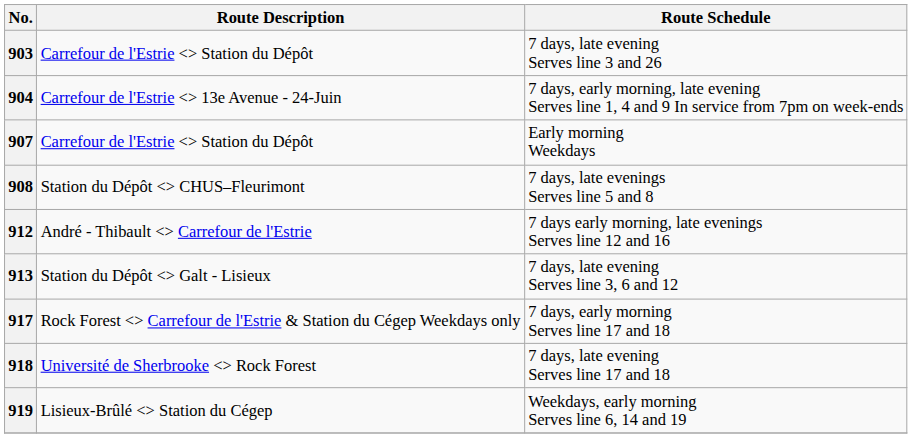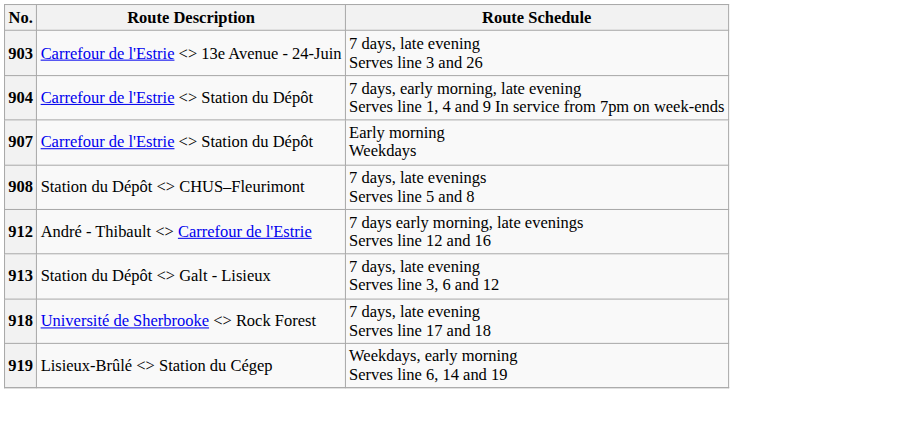 <table class="wikitable">
 <tr>
 <th>No.</th>
 <th>Route Description</th>
 <th>Route Schedule</th>
 </tr>
 <tr>
 <th>903</th>
-<td><a href='#'>Carrefour de l'Estrie</a> <> Station du Dépôt</td>
+<td><a href='#'>Carrefour de l'Estrie</a> <> 13e Avenue - 24-Juin</td>
 <td>7 days, late evening<br>Serves line 3 and 26</td>
 </tr>
 <tr>
 <th>904</th>
-<td><a href='#'>Carrefour de l'Estrie</a> <> 13e Avenue - 24-Juin</td>
+<td><a href='#'>Carrefour de l'Estrie</a> <> Station du Dépôt</td>
 <td>7 days, early morning, late evening<br>Serves line 1, 4 and 9 In service from 7pm on week-ends</td>
 </tr>
 <tr>
 <th>907</th>
 <td><a href='#'>Carrefour de l'Estrie</a> <> Station du Dépôt</td>
 <td>Early morning<br>Weekdays</td>
 </tr>
 <tr>
 <th>908</th>
 <td>Station du Dépôt <> CHUS–Fleurimont</td>
 <td>7 days, late evenings<br>Serves line 5 and 8</td>
 </tr>
 <tr>
 <th>912</th>
 <td>André - Thibault <> <a href='#'>Carrefour de l'Estrie</a></td>
 <td>7 days early morning, late evenings<br>Serves line 12 and 16</td>
 </tr>
 <tr>
 <th>913</th>
 <td>Station du Dépôt <> Galt - Lisieux</td>
 <td>7 days, late evening<br>Serves line 3, 6 and 12</td>
 </tr>
 <tr>
-<th>917</th>
-<td>Rock Forest <> <a href='#'>Carrefour de l'Estrie</a> & Station du Cégep Weekdays only</td>
-<td>7 days, early morning<br>Serves line 17 and 18</td>
-</tr>
-<tr>
 <th>918</th>
 <td><a href='#'>Université de Sherbrooke</a> <> Rock Forest</td>
 <td>7 days, late evening<br>Serves line 17 and 18</td>
 </tr>
 <tr>
 <th>919</th>
 <td>Lisieux-Brûlé <> Station du Cégep</td>
 <td>Weekdays, early morning<br>Serves line 6, 14 and 19</td>
 </tr>
 <tr>
 </tr>
 </table>
